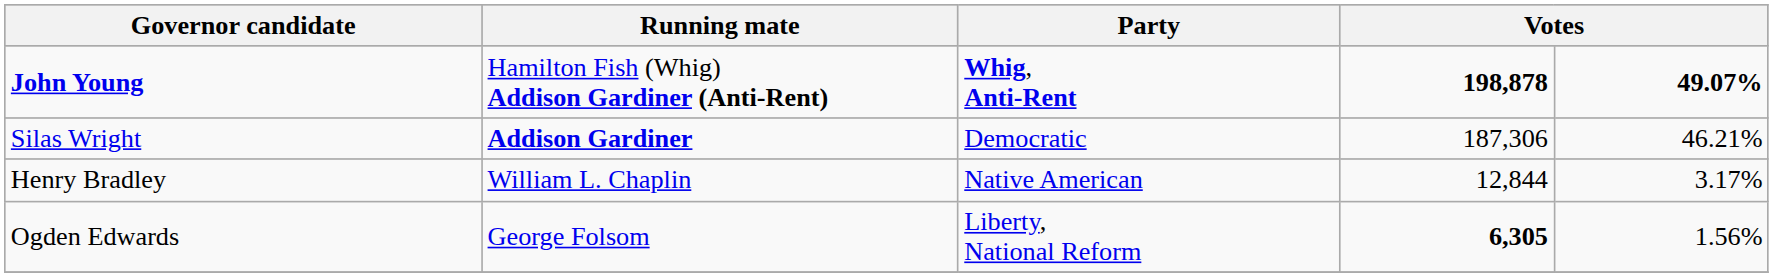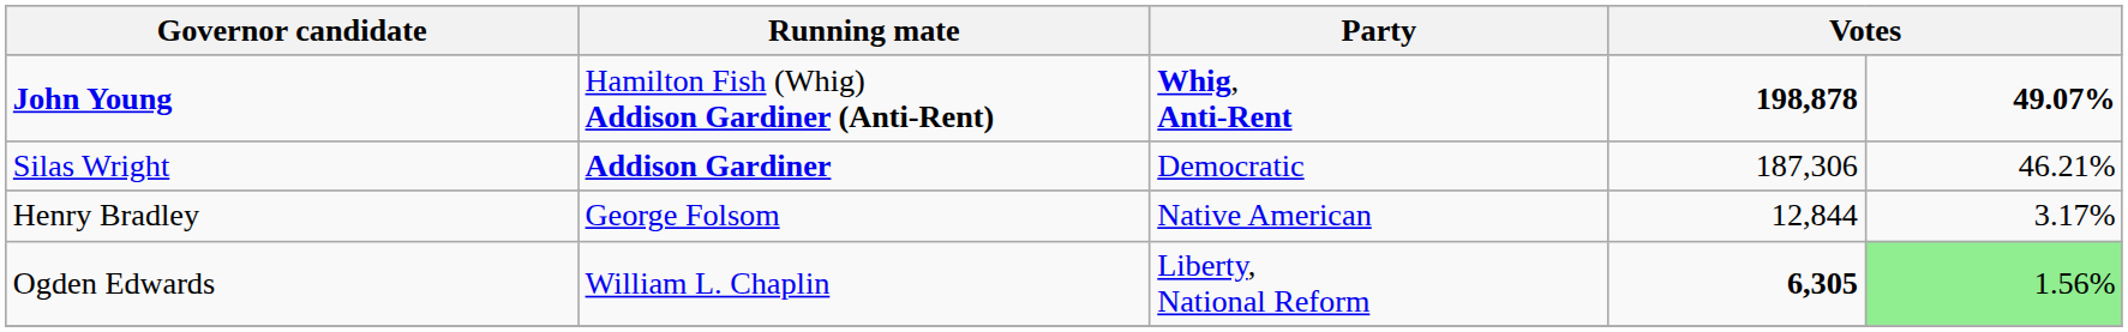 <table class=wikitable>
 <tr bgcolor=lightgrey>
 <th width="20%">Governor candidate</th>
 <th width="20%">Running mate</th>
 <th width="16%">Party</th>
 <th width="18%" colspan="2">Votes</th>
 </tr>
 <tr>
 <td><strong><a href='#'>John Young</a></strong></td>
 <td><a href='#'>Hamilton Fish</a> (Whig) <br><strong><a href='#'>Addison Gardiner</a> (Anti-Rent)</strong></td>
 <td><strong><a href='#'>Whig</a></strong>, <br> <strong><a href='#'>Anti-Rent</a></strong></td>
 <td align="right"><strong>198,878</strong></td>
 <td align="right"><strong>49.07%</strong></td>
 </tr>
 <tr>
 <td><a href='#'>Silas Wright</a></td>
 <td><strong><a href='#'>Addison Gardiner</a></strong></td>
 <td><a href='#'>Democratic</a></td>
 <td align="right">187,306</td>
 <td align="right">46.21%</td>
 </tr>
 <tr>
 <td>Henry Bradley</td>
-<td><a href='#'>William L. Chaplin</a></td>
+<td><a href='#'>George Folsom</a></td>
 <td><a href='#'>Native American</a></td>
 <td align="right">12,844</td>
 <td align="right">3.17%</td>
 </tr>
 <tr>
 <td>Ogden Edwards</td>
-<td><a href='#'>George Folsom</a></td>
+<td><a href='#'>William L. Chaplin</a></td>
 <td><a href='#'>Liberty</a>, <br><a href='#'>National Reform</a></td>
 <td align="right"><strong>6,305</strong></td>
-<td align="right">1.56%</td>
+<td align="right" style="background: lightgreen;">1.56%</td>
 </tr>
 <tr>
 </tr>
 </table>
